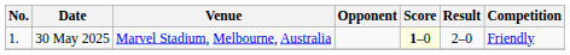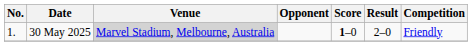 <table class="wikitable">
 <tr>
 <th>No.</th>
 <th>Date</th>
 <th>Venue</th>
 <th>Opponent</th>
 <th>Score</th>
 <th>Result</th>
 <th>Competition</th>
 </tr>
 <tr>
 <td>1.</td>
 <td>30 May 2025</td>
-<td><a href='#'>Marvel Stadium</a>, <a href='#'>Melbourne</a>, <a href='#'>Australia</a></td>
+<td style="background: lightgrey;"><a href='#'>Marvel Stadium</a>, <a href='#'>Melbourne</a>, <a href='#'>Australia</a></td>
 <td></td>
-<td align=center style="background: lightyellow;"><strong>1</strong>–0</td>
+<td align=center><strong>1</strong>–0</td>
 <td align=center>2–0</td>
 <td><a href='#'>Friendly</a></td>
 </tr>
 <tr>
 </tr>
 </table>
